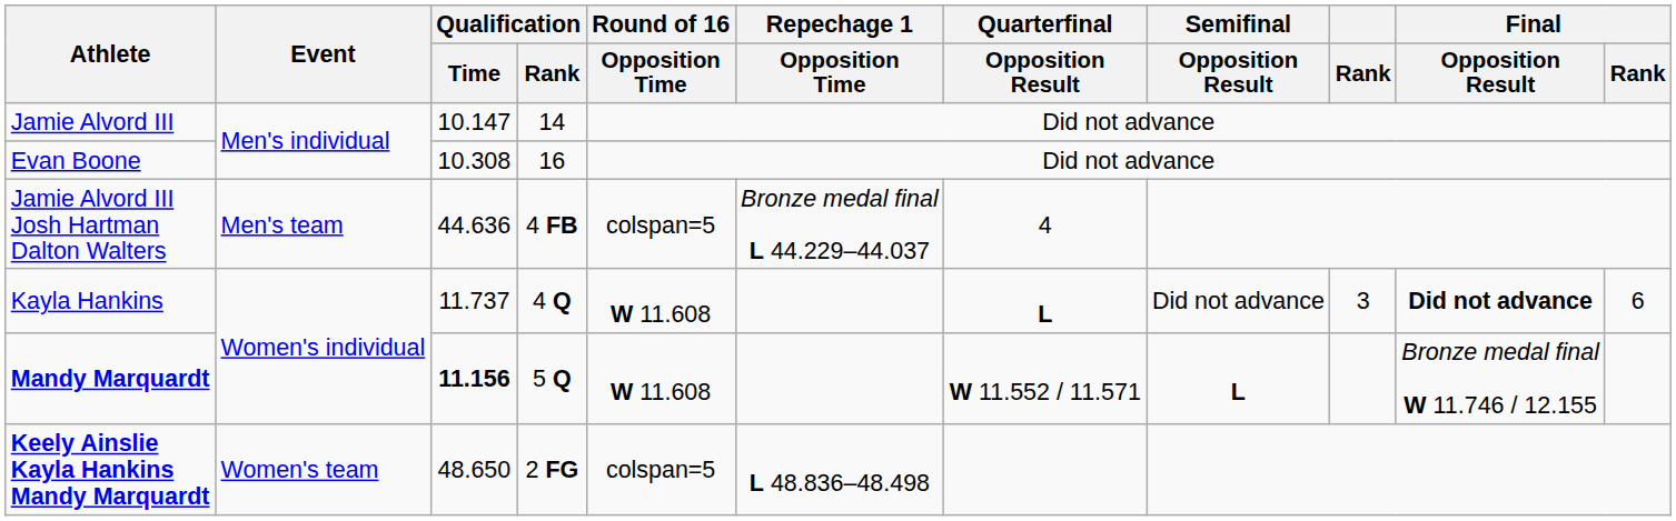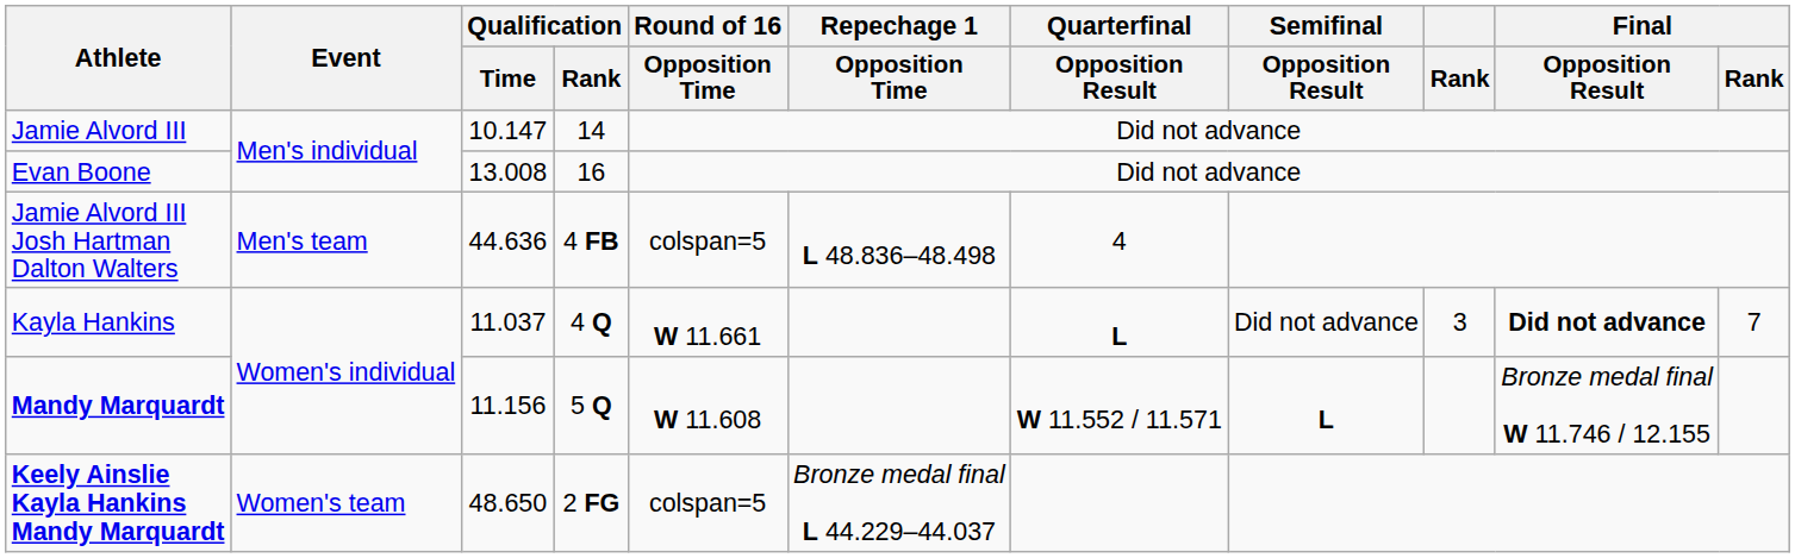 <table class=wikitable style=font-size:90%;text-align:center>
 <tr>
 <th rowspan=2>Athlete</th>
 <th rowspan=2>Event</th>
 <th colspan=2>Qualification</th>
 <th>Round of 16</th>
 <th>Repechage 1</th>
 <th>Quarterfinal</th>
 <th>Semifinal</th>
 <th></th>
 <th colspan=2>Final</th>
 </tr>
 <tr style="font-size:95%">
 <th>Time</th>
 <th>Rank</th>
 <th>Opposition<br>Time</th>
 <th>Opposition<br>Time</th>
 <th>Opposition<br>Result</th>
 <th>Opposition<br>Result</th>
 <th>Rank</th>
 <th>Opposition<br>Result</th>
 <th>Rank</th>
 </tr>
 <tr>
 <td align=left><a href='#'>Jamie Alvord III</a></td>
 <td align=left rowspan=2><a href='#'>Men's individual</a></td>
 <td>10.147</td>
 <td>14</td>
 <td colspan=7>Did not advance</td>
 </tr>
 <tr>
 <td align=left><a href='#'>Evan Boone</a></td>
-<td>10.308</td>
+<td>13.008</td>
 <td>16</td>
 <td colspan=7>Did not advance</td>
 </tr>
 <tr>
 <td align=left><a href='#'>Jamie Alvord III</a><br><a href='#'>Josh Hartman</a><br><a href='#'>Dalton Walters</a></td>
 <td align=left><a href='#'>Men's team</a></td>
 <td>44.636</td>
 <td>4 <strong>FB</strong></td>
 <td>colspan=5 </td>
-<td><em>Bronze medal final</em><br><br><strong>L</strong> 44.229–44.037</td>
+<td><br><strong>L</strong> 48.836–48.498</td>
 <td>4</td>
 </tr>
 <tr>
 <td align=left><a href='#'>Kayla Hankins</a></td>
 <td align=left rowspan=2><a href='#'>Women's individual</a></td>
-<td>11.737</td>
+<td>11.037</td>
 <td>4 <strong>Q</strong></td>
-<td><br><strong>W</strong> 11.608</td>
+<td><br><strong>W</strong> 11.661</td>
 <td></td>
 <td><br><strong>L</strong></td>
 <td>Did not advance</td>
 <td>3</td>
 <td><strong>Did not advance</strong></td>
-<td>6</td>
+<td>7</td>
 </tr>
 <tr>
 <td align=left><strong><a href='#'>Mandy Marquardt</a></strong></td>
-<td><strong>11.156</strong></td>
+<td>11.156</td>
 <td>5 <strong>Q</strong></td>
 <td><br><strong>W</strong> 11.608</td>
 <td></td>
 <td><br><strong>W</strong> 11.552 / 11.571</td>
 <td><br><strong>L</strong></td>
 <td></td>
 <td><em>Bronze medal final</em><br><br><strong>W</strong> 11.746 / 12.155</td>
 <td></td>
 </tr>
 <tr>
 <td align=left><strong><a href='#'>Keely Ainslie</a><br><a href='#'>Kayla Hankins</a><br><a href='#'>Mandy Marquardt</a></strong></td>
 <td align=left><a href='#'>Women's team</a></td>
 <td>48.650</td>
 <td>2 <strong>FG</strong></td>
 <td>colspan=5 </td>
-<td><br><strong>L</strong> 48.836–48.498</td>
+<td><em>Bronze medal final</em><br><br><strong>L</strong> 44.229–44.037</td>
 <td></td>
 </tr>
 </table>
